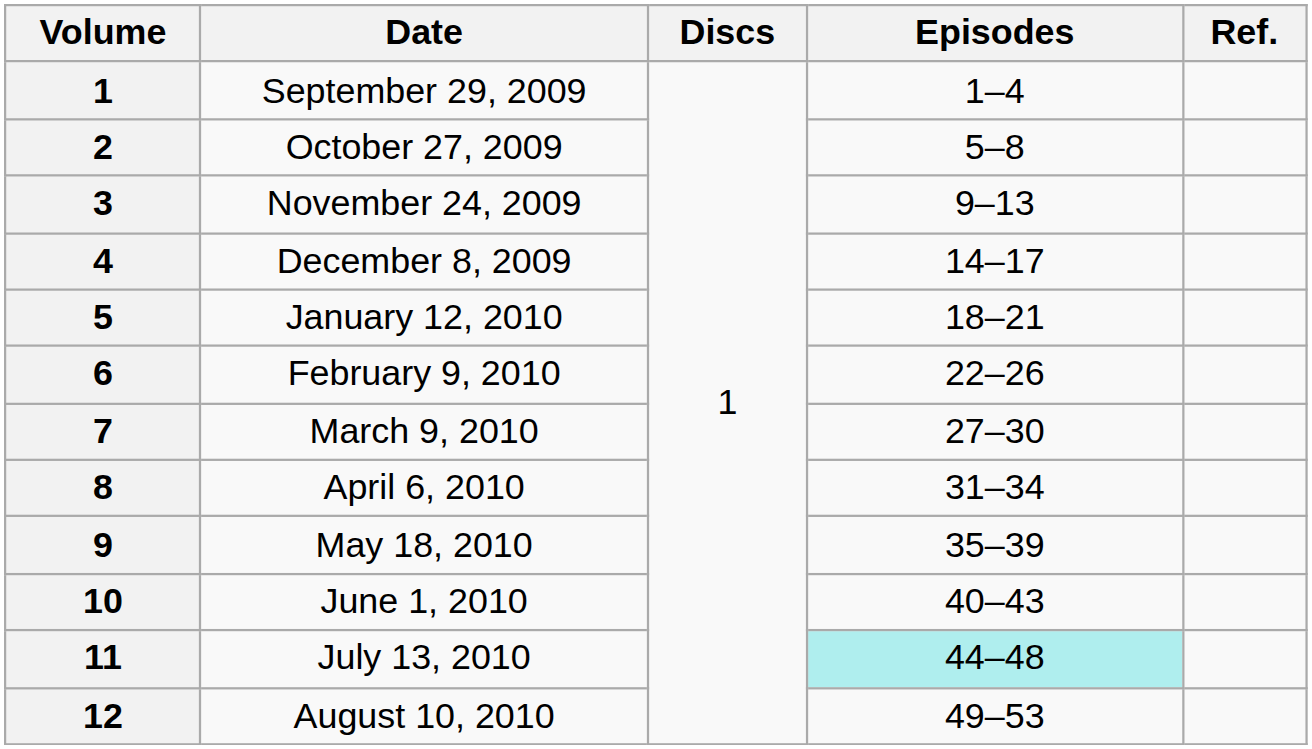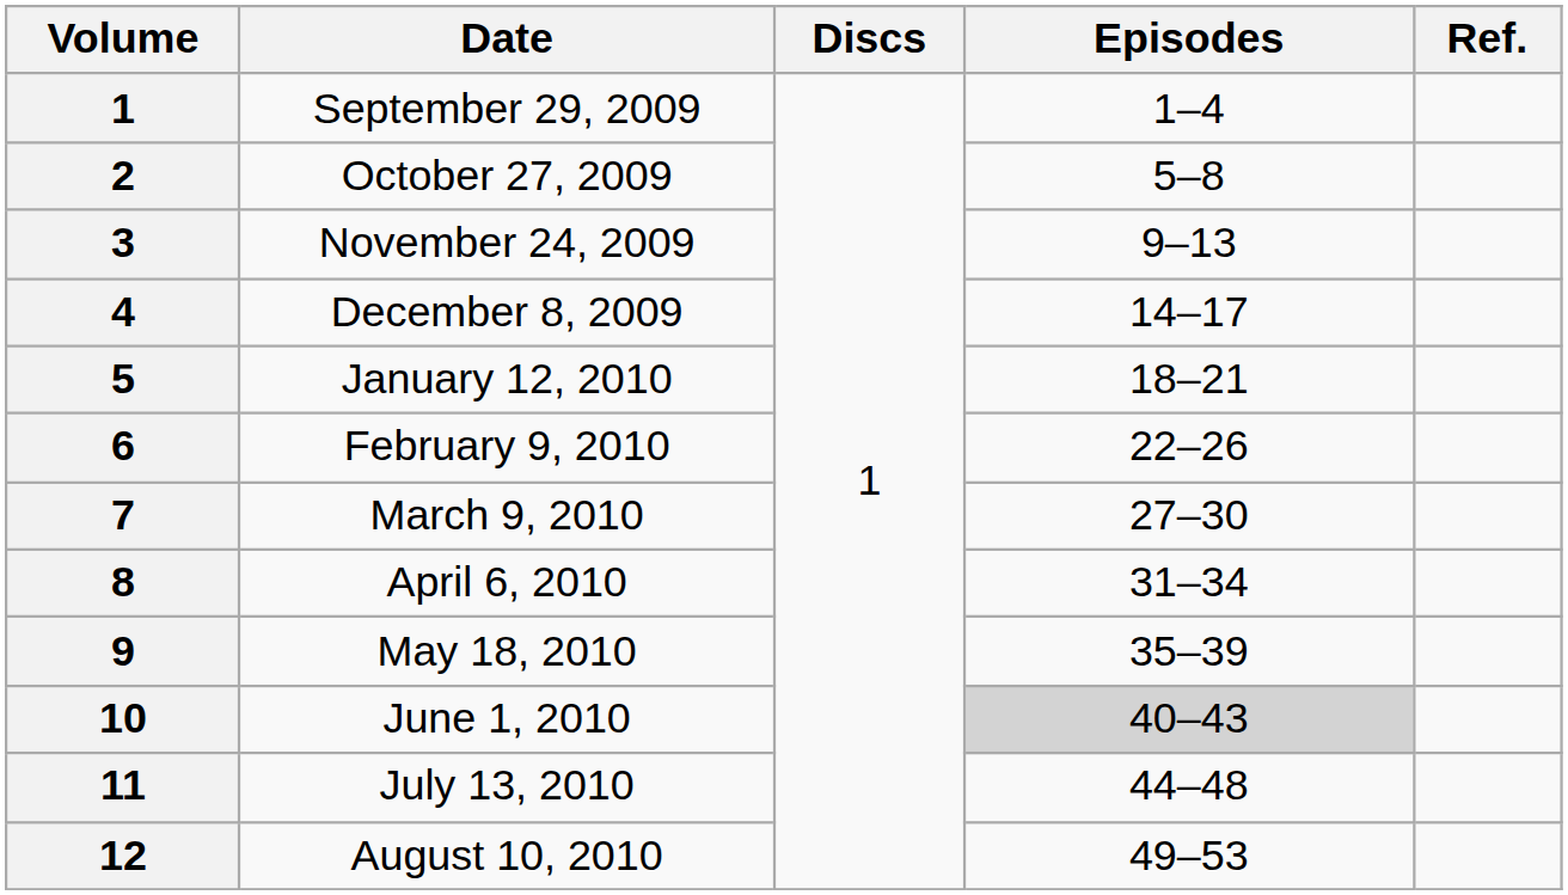 <table class="wikitable" style="text-align:center;">
 <tr>
 <th scope="col" style="width:5em;">Volume</th>
 <th scope="col" style="width:12em;">Date</th>
 <th scope="col" style="width:4em;">Discs</th>
 <th scope="col" style="width:10em;">Episodes</th>
 <th scope="col" style="width:3em;">Ref.</th>
 </tr>
 <tr>
 <th scope="row">1</th>
 <td>September 29, 2009</td>
 <td rowspan="12">1</td>
 <td>1–4</td>
 <td></td>
 </tr>
 <tr>
 <th scope="row">2</th>
 <td>October 27, 2009</td>
 <td>5–8</td>
 <td></td>
 </tr>
 <tr>
 <th scope="row">3</th>
 <td>November 24, 2009</td>
 <td>9–13</td>
 <td></td>
 </tr>
 <tr>
 <th scope="row">4</th>
 <td>December 8, 2009</td>
 <td>14–17</td>
 <td></td>
 </tr>
 <tr>
 <th scope="row">5</th>
 <td>January 12, 2010</td>
 <td>18–21</td>
 <td></td>
 </tr>
 <tr>
 <th scope="row">6</th>
 <td>February 9, 2010</td>
 <td>22–26</td>
 <td></td>
 </tr>
 <tr>
 <th scope="row">7</th>
 <td>March 9, 2010</td>
 <td>27–30</td>
 <td></td>
 </tr>
 <tr>
 <th scope="row">8</th>
 <td>April 6, 2010</td>
 <td>31–34</td>
 <td></td>
 </tr>
 <tr>
 <th scope="row">9</th>
 <td>May 18, 2010</td>
 <td>35–39</td>
 <td></td>
 </tr>
 <tr>
 <th scope="row">10</th>
 <td>June 1, 2010</td>
-<td>40–43</td>
+<td style="background: lightgrey;">40–43</td>
 <td></td>
 </tr>
 <tr>
 <th scope="row">11</th>
 <td>July 13, 2010</td>
-<td style="background: paleturquoise;">44–48</td>
+<td>44–48</td>
 <td></td>
 </tr>
 <tr>
 <th scope="row">12</th>
 <td>August 10, 2010</td>
 <td>49–53</td>
 <td></td>
 </tr>
 </table>
